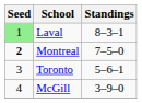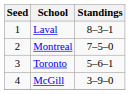 <table class="wikitable">
 <tr>
 <th>Seed</th>
 <th>School</th>
 <th>Standings</th>
 </tr>
 <tr>
-<td align=center style="background: lightgreen;">1</td>
+<td align=center>1</td>
 <td><a href='#'>Laval</a></td>
 <td align=center>8–3–1</td>
 </tr>
 <tr>
-<td align=center><strong>2</strong></td>
+<td align=center>2</td>
 <td><a href='#'>Montreal</a></td>
 <td align=center>7–5–0</td>
 </tr>
 <tr>
 <td align=center>3</td>
 <td><a href='#'>Toronto</a></td>
 <td align=center>5–6–1</td>
 </tr>
 <tr>
 <td align=center>4</td>
 <td><a href='#'>McGill</a></td>
 <td align=center>3–9–0</td>
 </tr>
 <tr>
 </tr>
 </table>
